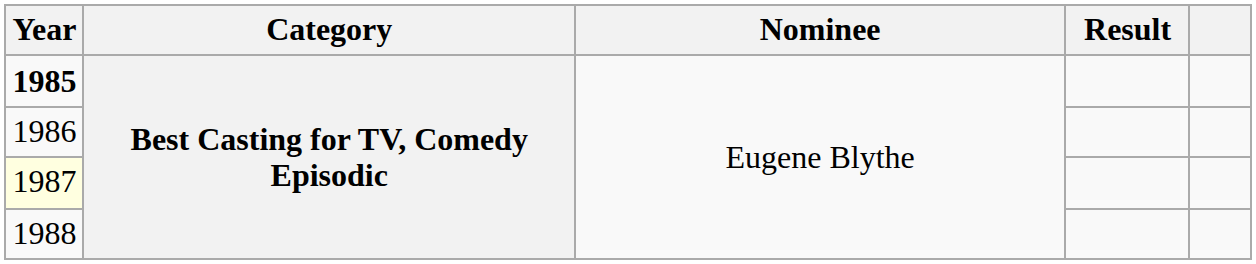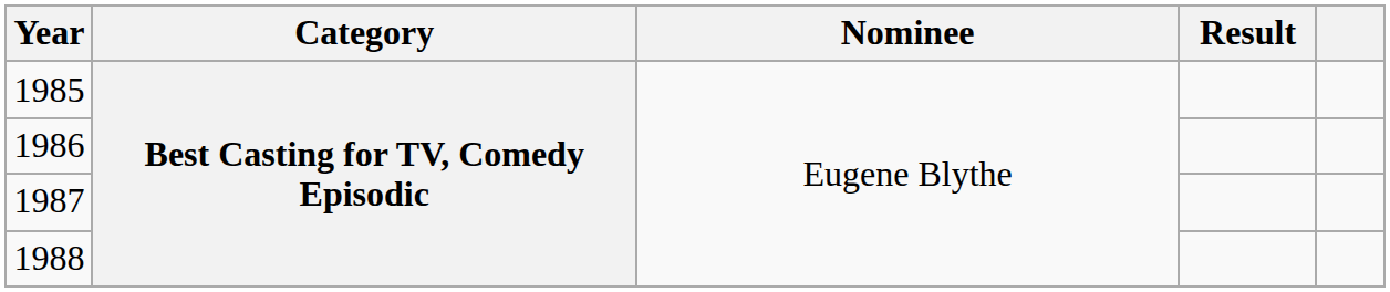 <table class="wikitable plainrowheaders" style="text-align:center" width=100%>
 <tr>
 <th scope="col" width="5%">Year</th>
 <th scope="col" width="40%">Category</th>
 <th scope="col" width="40%">Nominee</th>
 <th scope="col" width="10%">Result</th>
 <th scope="col" width="5%"></th>
 </tr>
 <tr>
-<td><strong>1985</strong></td>
+<td>1985</td>
 <th scope="row" style="text-align:center" rowspan="4">Best Casting for TV, Comedy Episodic</th>
 <td rowspan="4">Eugene Blythe</td>
 <td></td>
 <td></td>
 </tr>
 <tr>
 <td>1986</td>
 <td></td>
 <td></td>
 </tr>
 <tr>
-<td style="background: lightyellow;">1987</td>
+<td>1987</td>
 <td></td>
 <td></td>
 </tr>
 <tr>
 <td>1988</td>
 <td></td>
 <td></td>
 </tr>
 </table>
